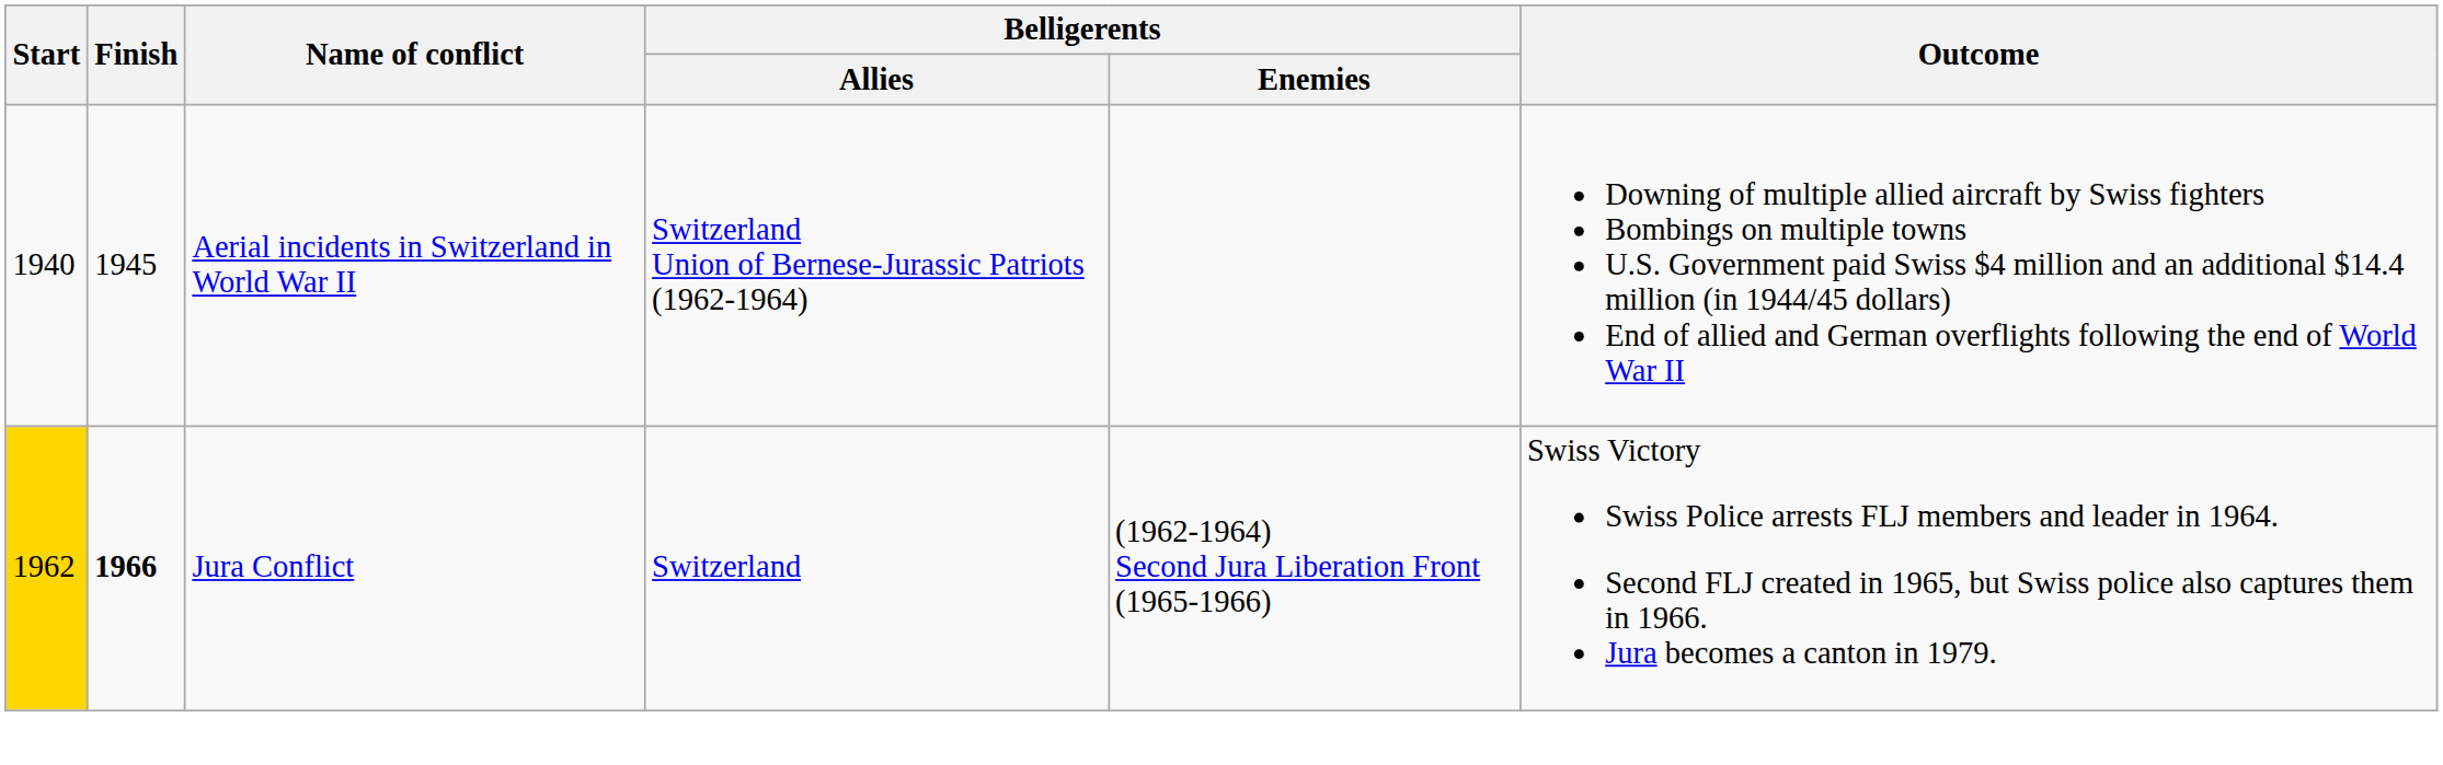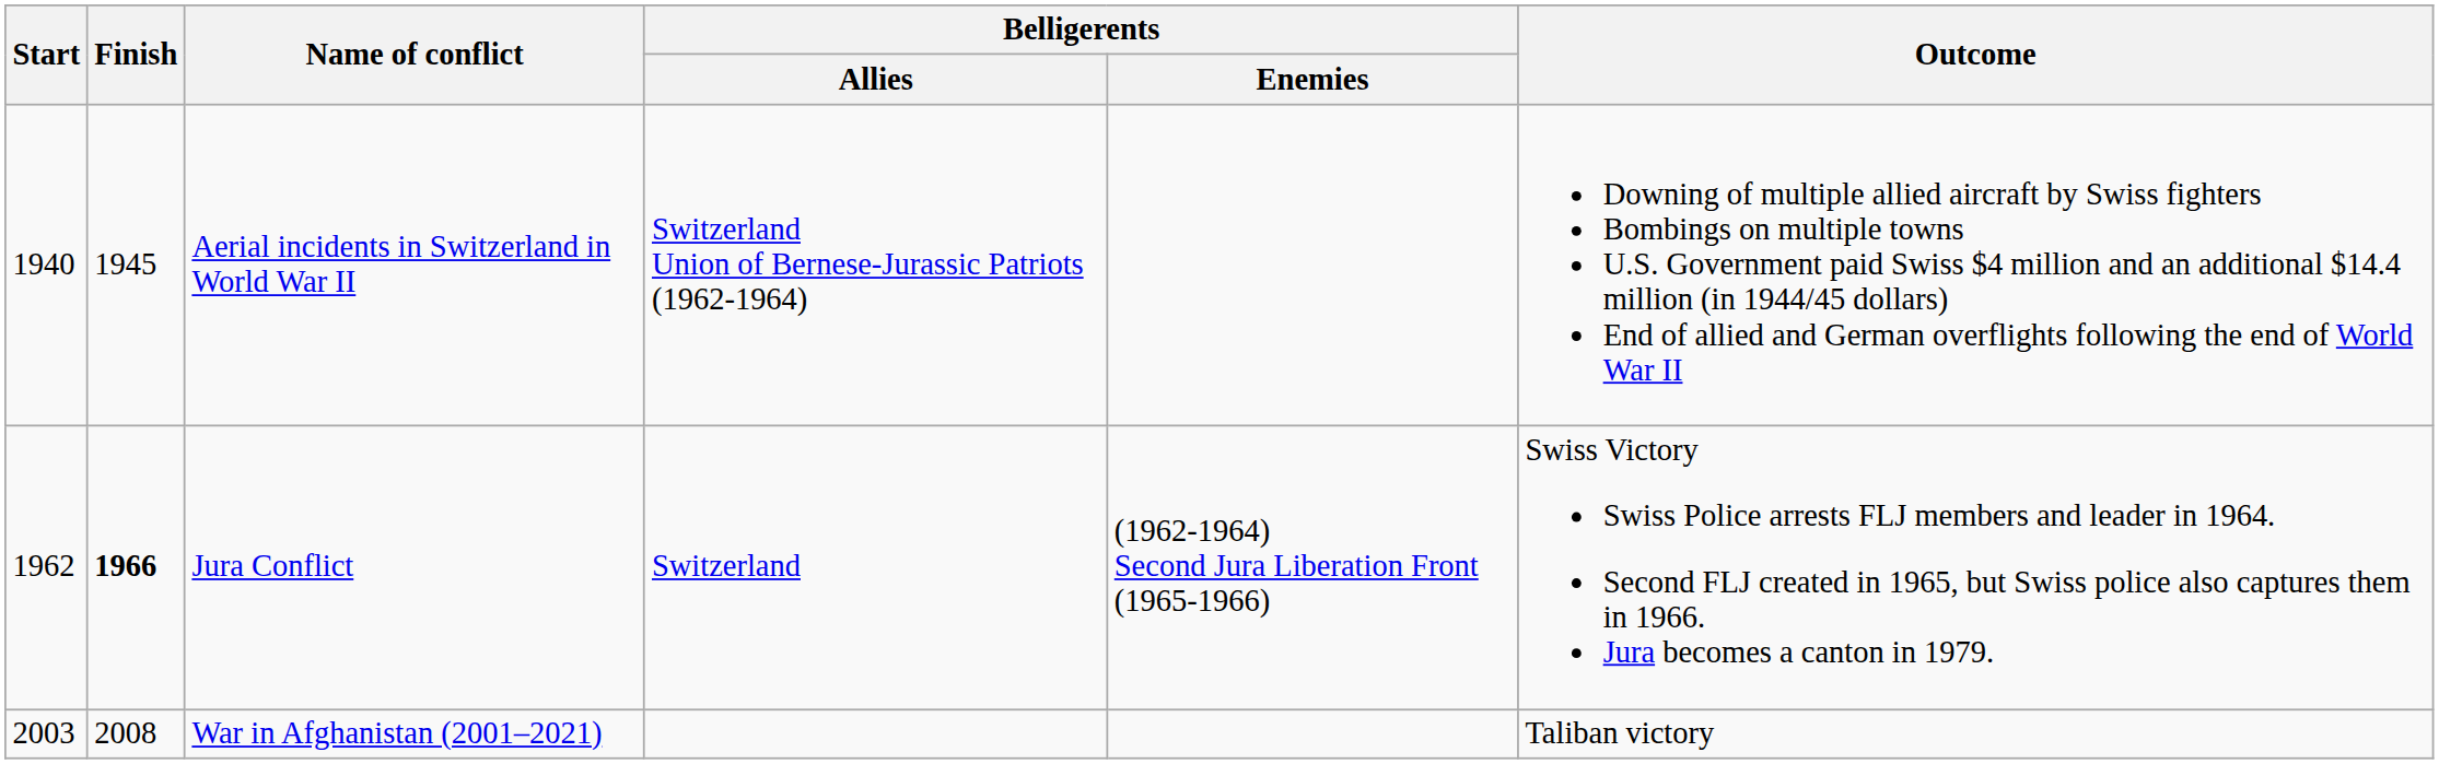 <table class="wikitable sortable" align="center">
 <tr>
 <th rowspan="2">Start</th>
 <th rowspan="2">Finish</th>
 <th rowspan="2">Name of conflict</th>
 <th colspan="2">Belligerents</th>
 <th rowspan="2">Outcome</th>
 </tr>
 <tr>
 <th>Allies</th>
 <th>Enemies</th>
 </tr>
 <tr>
 <td>1940</td>
 <td>1945</td>
 <td><a href='#'>Aerial incidents in Switzerland in World War II</a></td>
 <td> <a href='#'>Switzerland</a><br><a href='#'>Union of Bernese-Jurassic Patriots</a> (1962-1964)</td>
 <td></td>
 <td><br><ul><li>Downing of multiple allied aircraft by Swiss fighters</li><li>Bombings on multiple towns</li><li>U.S. Government paid Swiss $4 million and an additional $14.4 million (in 1944/45 dollars)</li><li>End of allied and German overflights following the end of <a href='#'>World War II</a></li></ul></td>
 </tr>
 <tr>
-<td style="background: gold;">1962</td>
+<td>1962</td>
 <td><strong>1966</strong></td>
 <td><a href='#'>Jura Conflict</a></td>
 <td> <a href='#'>Switzerland</a></td>
 <td>  (1962-1964)<br><a href='#'>Second Jura Liberation Front</a> (1965-1966)</td>
 <td>Swiss Victory<br><ul><li>Swiss Police arrests FLJ members and leader in 1964.</li></ul><ul><li>Second FLJ created in 1965, but Swiss police also captures them in 1966.</li><li><a href='#'>Jura</a> becomes a canton in 1979.</li></ul></td>
 </tr>
+<tr>
+<td>2003</td>
+<td>2008</td>
+<td><a href='#'>War in Afghanistan (2001–2021)</a></td>
+<td></td>
+<td></td>
+<td>Taliban victory</td>
+</tr>
 </table>
